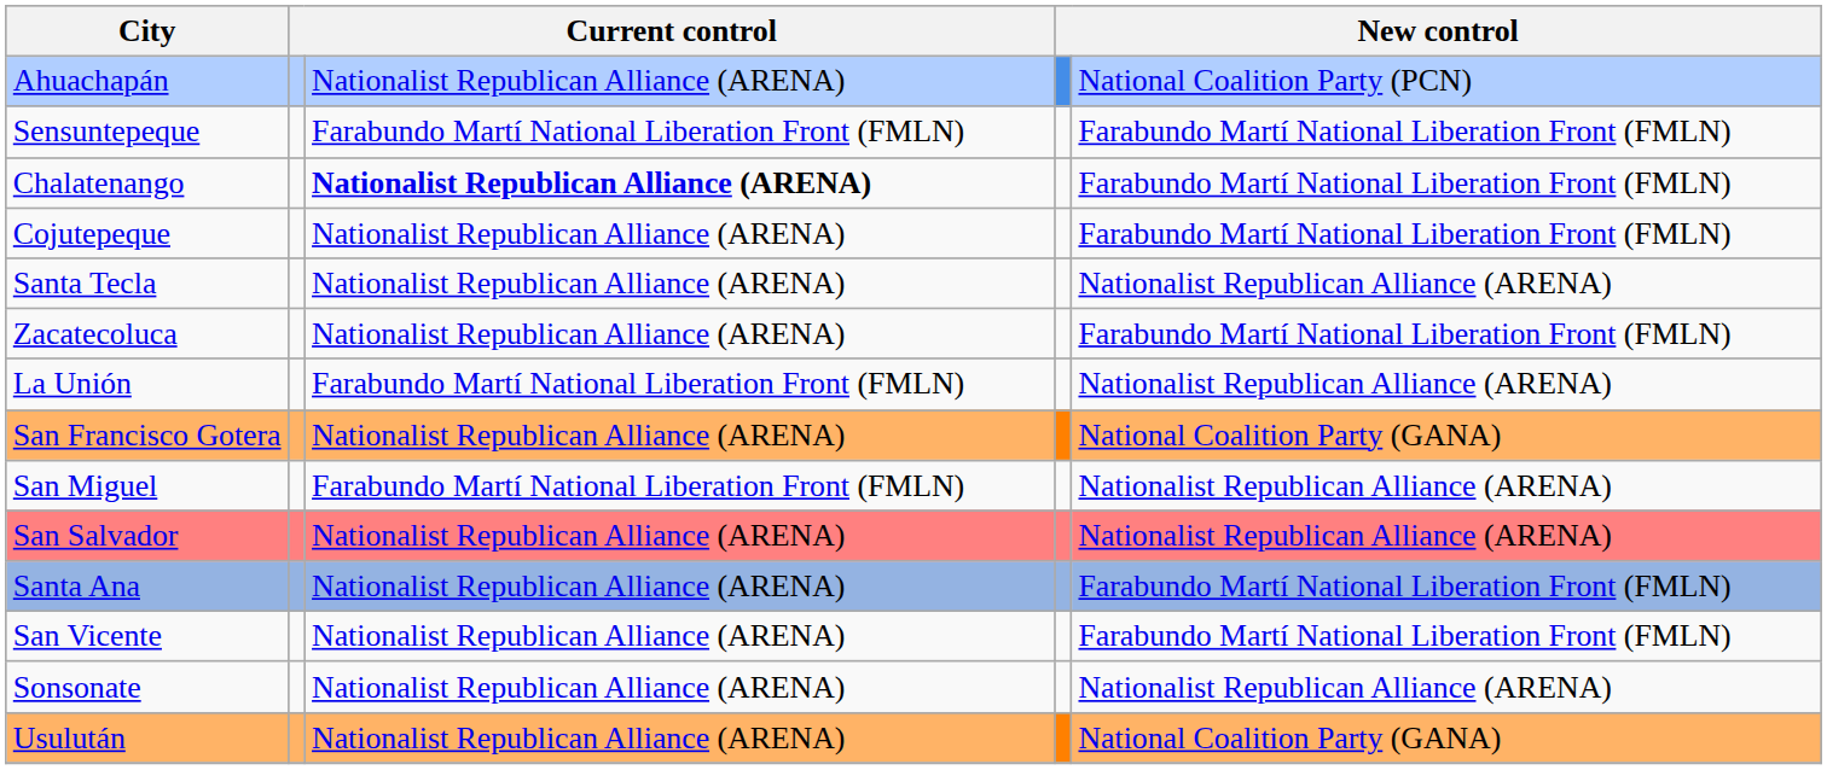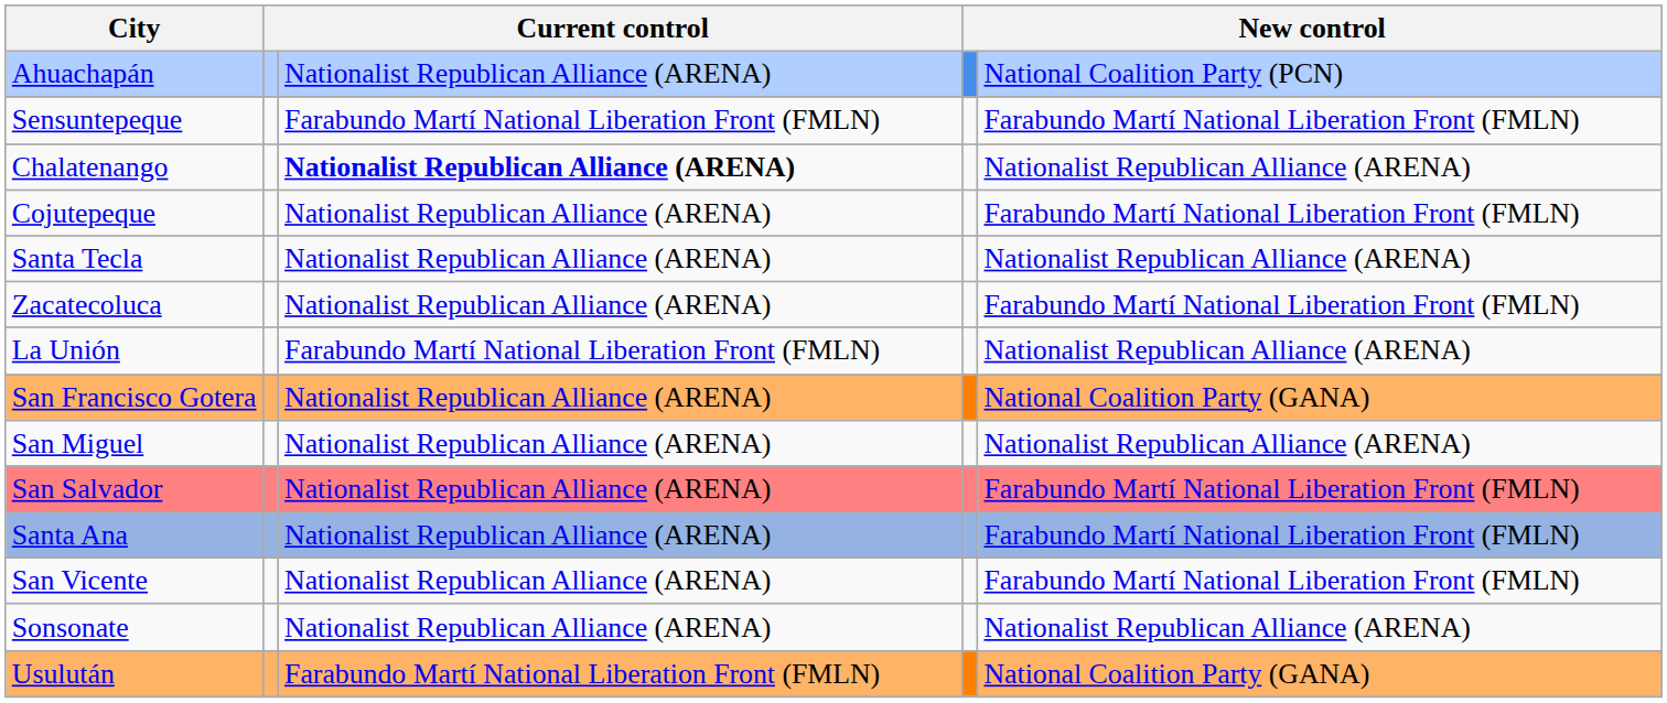 <table class="wikitable" style="font-size:97%;">
 <tr>
 <th>City</th>
 <th colspan="2" style="width:375px;">Current control</th>
 <th colspan="2" style="width:375px;">New control</th>
 </tr>
 <tr bgcolor="#B0CEFF" |>
 <td><a href='#'>Ahuachapán</a></td>
 <td width="1"></td>
 <td><a href='#'>Nationalist Republican Alliance</a> (ARENA)</td>
 <td width="1" bgcolor=#448de8></td>
 <td><a href='#'>National Coalition Party</a> (PCN)</td>
 </tr>
 <tr>
 <td><a href='#'>Sensuntepeque</a></td>
 <td width="1"></td>
 <td><a href='#'>Farabundo Martí National Liberation Front</a> (FMLN)</td>
 <td width="1"></td>
 <td><a href='#'>Farabundo Martí National Liberation Front</a> (FMLN)</td>
 </tr>
 <tr>
 <td><a href='#'>Chalatenango</a></td>
 <td width="1"></td>
 <td><strong><a href='#'>Nationalist Republican Alliance</a> (ARENA)</strong></td>
 <td width="1"></td>
-<td><a href='#'>Farabundo Martí National Liberation Front</a> (FMLN)</td>
+<td><a href='#'>Nationalist Republican Alliance</a> (ARENA)</td>
 </tr>
 <tr>
 <td><a href='#'>Cojutepeque</a></td>
 <td width="1"></td>
 <td><a href='#'>Nationalist Republican Alliance</a> (ARENA)</td>
 <td width="1"></td>
 <td><a href='#'>Farabundo Martí National Liberation Front</a> (FMLN)</td>
 </tr>
 <tr>
 <td><a href='#'>Santa Tecla</a></td>
 <td width="1"></td>
 <td><a href='#'>Nationalist Republican Alliance</a> (ARENA)</td>
 <td width="1"></td>
 <td><a href='#'>Nationalist Republican Alliance</a> (ARENA)</td>
 </tr>
 <tr>
 <td><a href='#'>Zacatecoluca</a></td>
 <td width="1"></td>
 <td><a href='#'>Nationalist Republican Alliance</a> (ARENA)</td>
 <td width="1"></td>
 <td><a href='#'>Farabundo Martí National Liberation Front</a> (FMLN)</td>
 </tr>
 <tr>
 <td><a href='#'>La Unión</a></td>
 <td width="1"></td>
 <td><a href='#'>Farabundo Martí National Liberation Front</a> (FMLN)</td>
 <td width="1"></td>
 <td><a href='#'>Nationalist Republican Alliance</a> (ARENA)</td>
 </tr>
 <tr bgcolor="#FFB366" |>
 <td><a href='#'>San Francisco Gotera</a></td>
 <td width="1"></td>
 <td><a href='#'>Nationalist Republican Alliance</a> (ARENA)</td>
 <td width="1" bgcolor=#FF8000></td>
 <td><a href='#'>National Coalition Party</a> (GANA)</td>
 </tr>
 <tr>
 <td><a href='#'>San Miguel</a></td>
 <td width="1"></td>
-<td><a href='#'>Farabundo Martí National Liberation Front</a> (FMLN)</td>
+<td><a href='#'>Nationalist Republican Alliance</a> (ARENA)</td>
 <td width="1"></td>
 <td><a href='#'>Nationalist Republican Alliance</a> (ARENA)</td>
 </tr>
 <tr bgcolor="#FF8080" |>
 <td><a href='#'>San Salvador</a></td>
 <td width="1"></td>
 <td><a href='#'>Nationalist Republican Alliance</a> (ARENA)</td>
 <td width="1"></td>
-<td><a href='#'>Nationalist Republican Alliance</a> (ARENA)</td>
+<td><a href='#'>Farabundo Martí National Liberation Front</a> (FMLN)</td>
 </tr>
 <tr bgcolor="#94B3E2" |>
 <td><a href='#'>Santa Ana</a></td>
 <td width="1"></td>
 <td><a href='#'>Nationalist Republican Alliance</a> (ARENA)</td>
 <td width="1"></td>
 <td><a href='#'>Farabundo Martí National Liberation Front</a> (FMLN)</td>
 </tr>
 <tr>
 <td><a href='#'>San Vicente</a></td>
 <td width="1"></td>
 <td><a href='#'>Nationalist Republican Alliance</a> (ARENA)</td>
 <td width="1"></td>
 <td><a href='#'>Farabundo Martí National Liberation Front</a> (FMLN)</td>
 </tr>
 <tr>
 <td><a href='#'>Sonsonate</a></td>
 <td width="1"></td>
 <td><a href='#'>Nationalist Republican Alliance</a> (ARENA)</td>
 <td width="1"></td>
 <td><a href='#'>Nationalist Republican Alliance</a> (ARENA)</td>
 </tr>
 <tr bgcolor="#FFB366" |>
 <td><a href='#'>Usulután</a></td>
 <td width="1"></td>
-<td><a href='#'>Nationalist Republican Alliance</a> (ARENA)</td>
+<td><a href='#'>Farabundo Martí National Liberation Front</a> (FMLN)</td>
 <td width="1" bgcolor=#FF8000></td>
 <td><a href='#'>National Coalition Party</a> (GANA)</td>
 </tr>
 <tr>
 </tr>
 </table>
